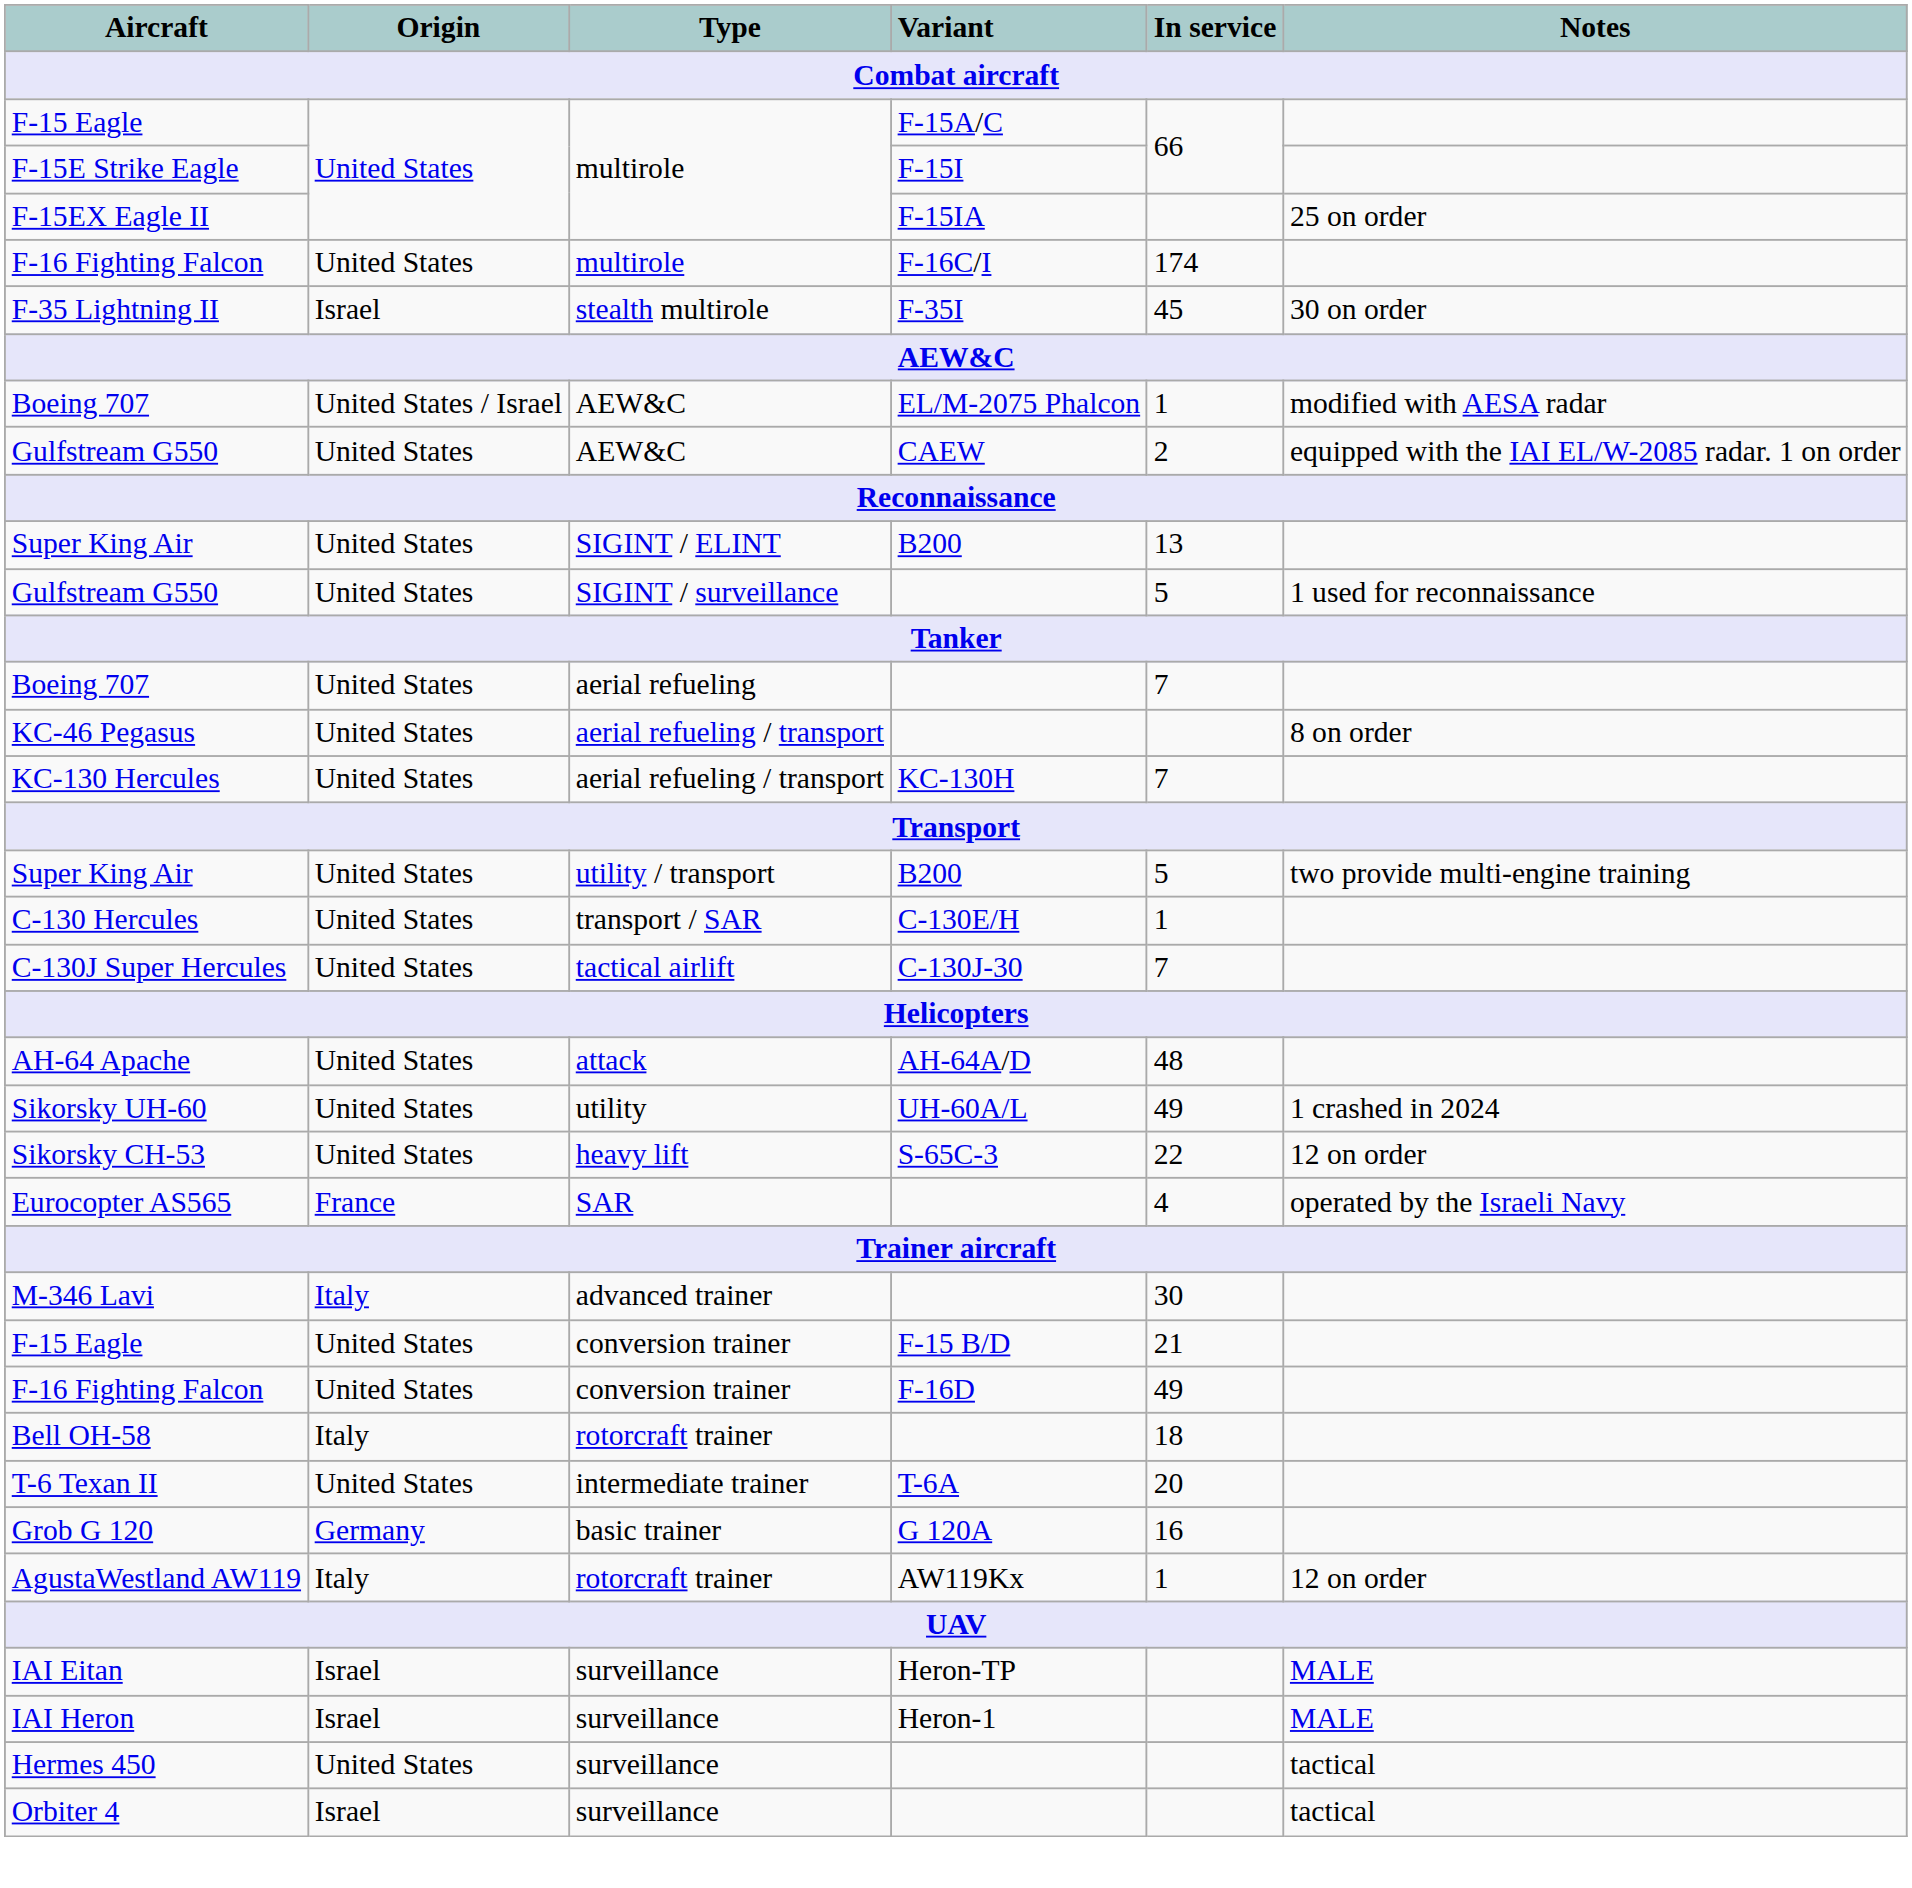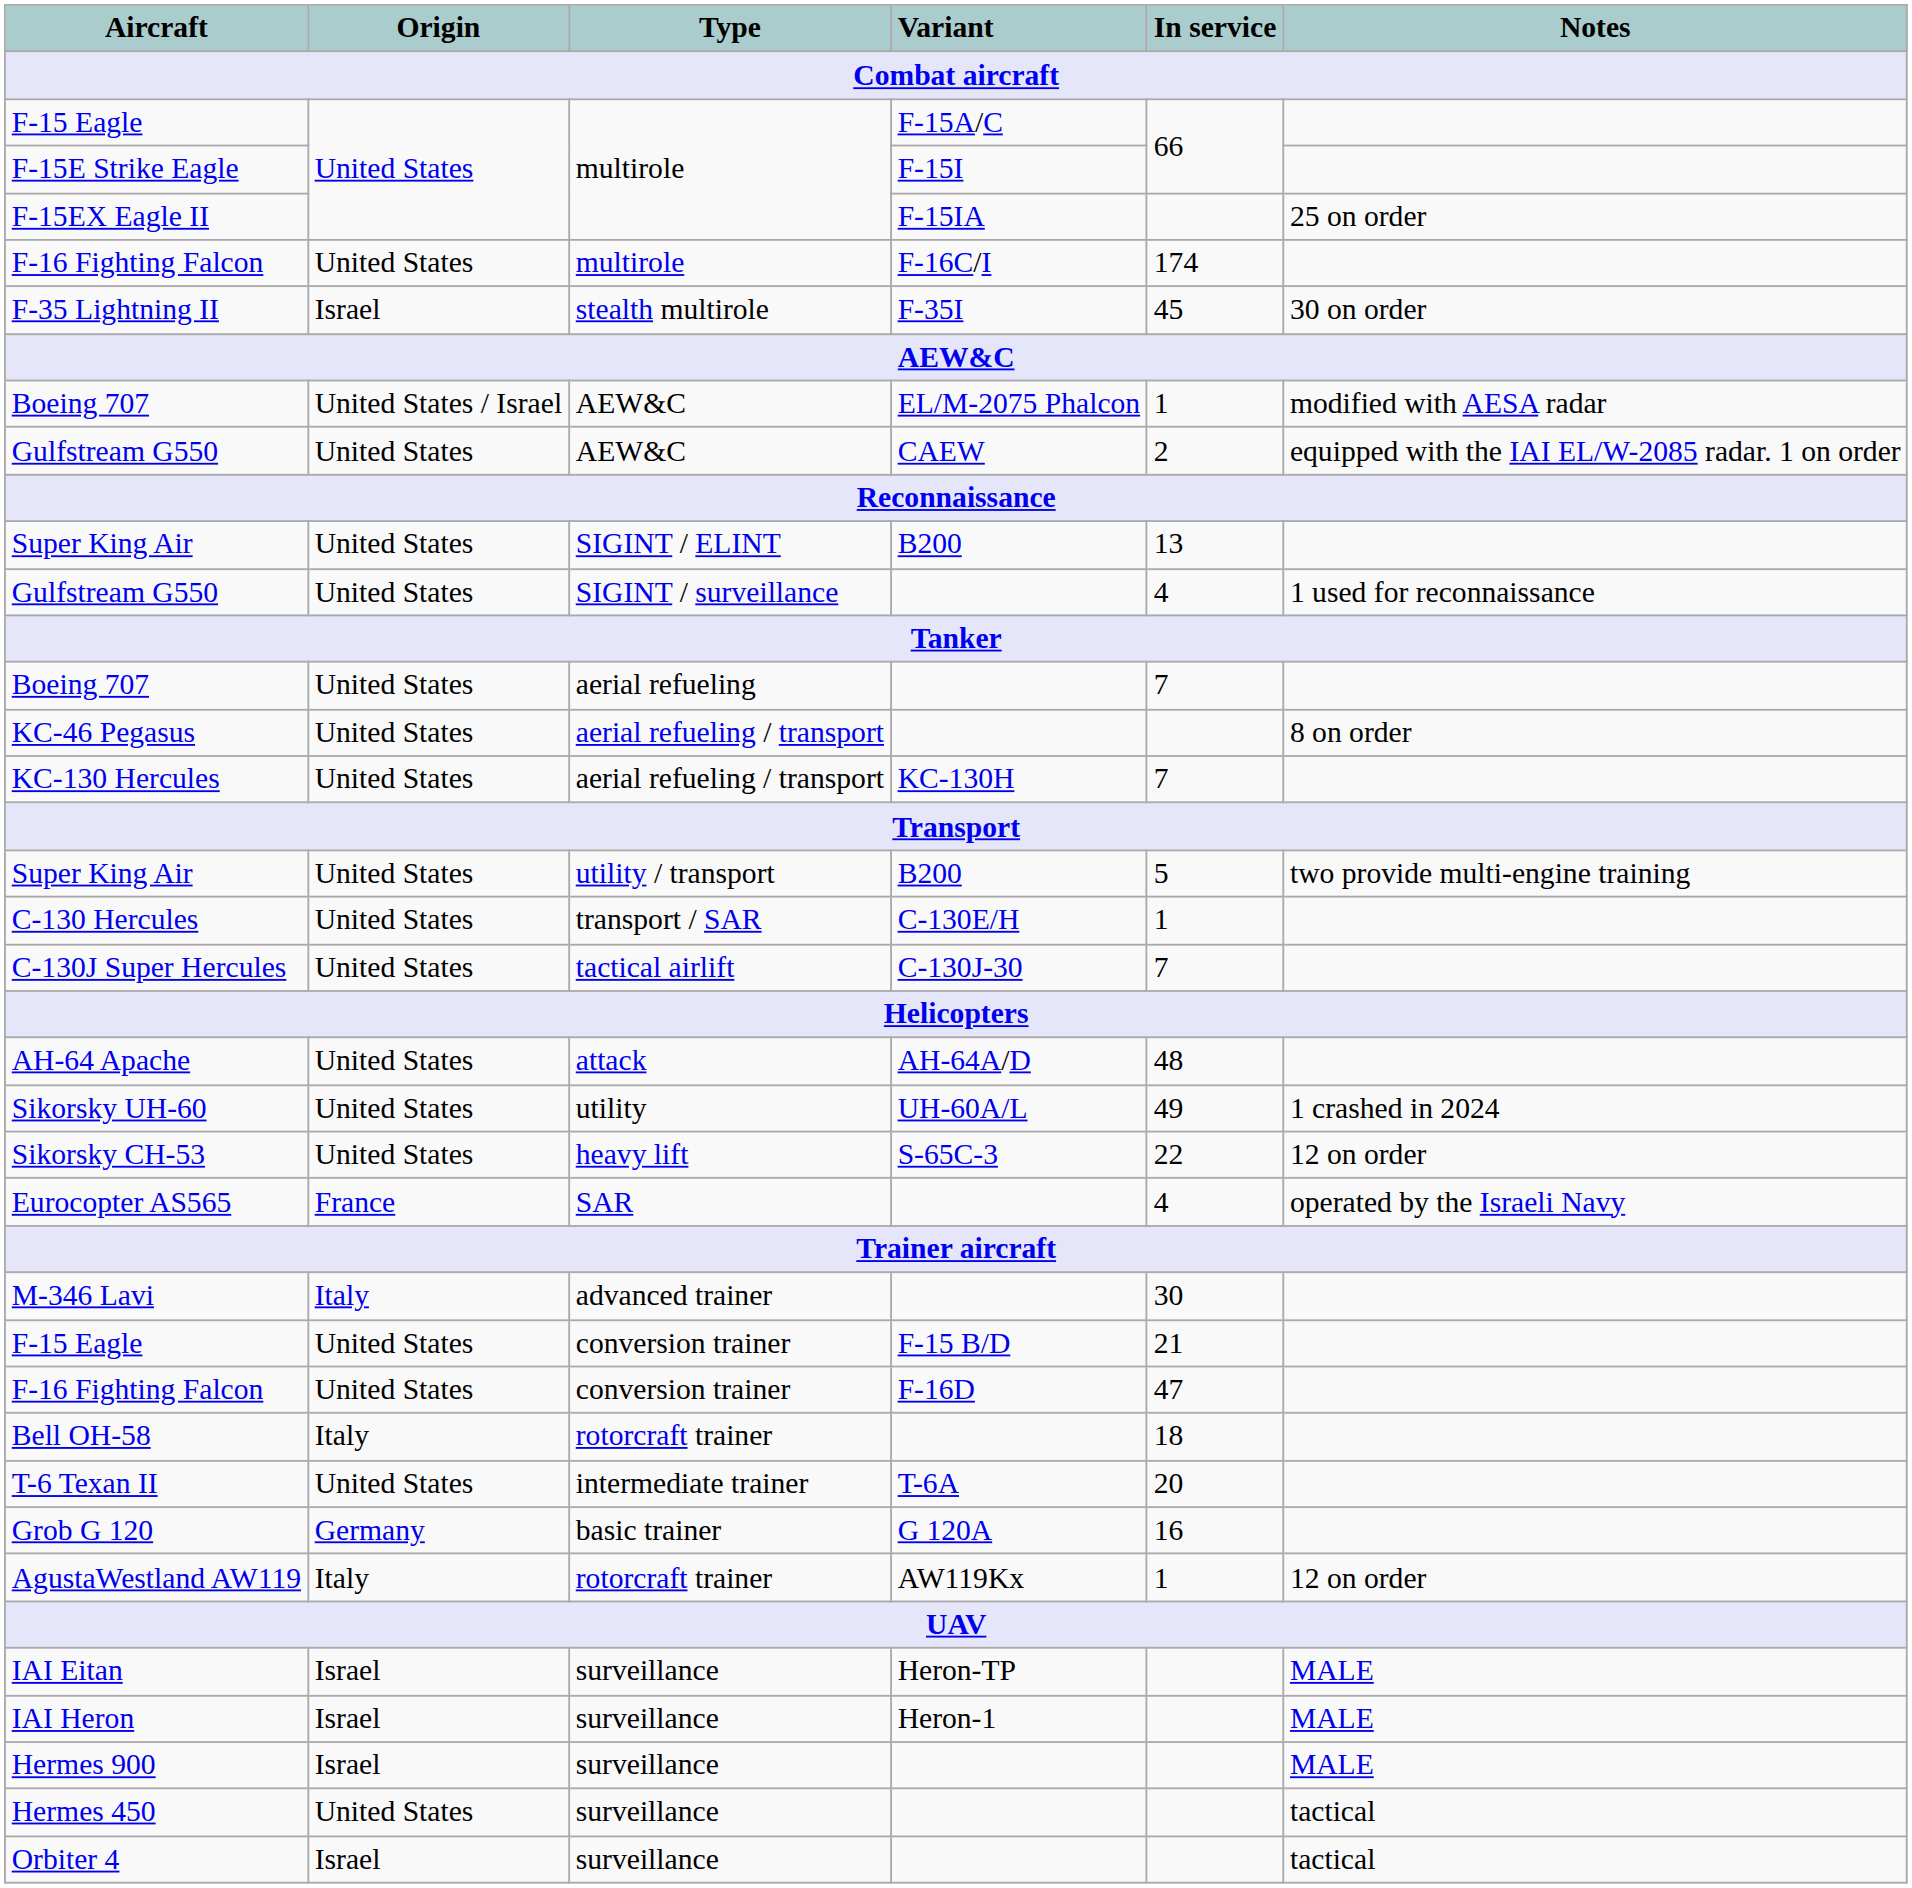 <table class="wikitable">
 <tr>
 <th style="text-align:center; background:#acc;">Aircraft</th>
 <th style="text-align: center; background:#acc;">Origin</th>
 <th style="text-align:l center; background:#acc;">Type</th>
 <th style="text-align:left; background:#acc;">Variant</th>
 <th style="text-align:center; background:#acc;">In service</th>
 <th style="text-align: center; background:#acc;">Notes</th>
 </tr>
 <tr>
 <th colspan="6" style="align: center; background: lavender;"><a href='#'>Combat aircraft</a></th>
 </tr>
 <tr>
 <td><a href='#'>F-15 Eagle</a></td>
 <td rowspan="3"><a href='#'>United States</a></td>
 <td rowspan="3">multirole</td>
 <td><a href='#'>F-15A</a>/<a href='#'>C</a></td>
 <td rowspan="2">66</td>
 <td></td>
 </tr>
 <tr>
 <td><a href='#'>F-15E Strike Eagle</a></td>
 <td><a href='#'>F-15I</a></td>
 <td></td>
 </tr>
 <tr>
 <td><a href='#'>F-15EX Eagle II</a></td>
 <td><a href='#'>F-15IA</a></td>
 <td></td>
 <td>25 on order</td>
 </tr>
 <tr>
 <td><a href='#'>F-16 Fighting Falcon</a></td>
 <td>United States</td>
 <td><a href='#'>multirole</a></td>
 <td><a href='#'>F-16C</a>/<a href='#'>I</a></td>
 <td>174</td>
 <td></td>
 </tr>
 <tr>
 <td><a href='#'>F-35 Lightning II</a></td>
 <td>Israel</td>
 <td><a href='#'>stealth</a> multirole</td>
 <td><a href='#'>F-35I</a></td>
 <td>45</td>
 <td>30 on order</td>
 </tr>
 <tr>
 <th colspan="6" style="align: center; background: lavender;"><a href='#'>AEW&C</a></th>
 </tr>
 <tr>
 <td><a href='#'>Boeing 707</a></td>
 <td>United States / Israel</td>
 <td>AEW&C</td>
 <td><a href='#'>EL/M-2075 Phalcon</a></td>
 <td>1</td>
 <td>modified with <a href='#'>AESA</a> radar</td>
 </tr>
 <tr>
 <td><a href='#'>Gulfstream G550</a></td>
 <td>United States</td>
 <td>AEW&C</td>
 <td><a href='#'>CAEW</a></td>
 <td>2</td>
 <td>equipped with the <a href='#'>IAI EL/W-2085</a> radar. 1 on order</td>
 </tr>
 <tr>
 <th colspan="6" style="align: center; background: lavender;"><a href='#'>Reconnaissance</a></th>
 </tr>
 <tr>
 <td><a href='#'>Super King Air</a></td>
 <td>United States</td>
 <td><a href='#'>SIGINT</a> / <a href='#'>ELINT</a></td>
 <td><a href='#'>B200</a></td>
 <td>13</td>
 <td></td>
 </tr>
 <tr>
 <td><a href='#'>Gulfstream G550</a></td>
 <td>United States</td>
 <td><a href='#'>SIGINT</a> / <a href='#'>surveillance</a></td>
 <td></td>
-<td>5</td>
+<td>4</td>
 <td>1 used for reconnaissance</td>
 </tr>
 <tr>
 <th colspan="6" style="align: center; background: lavender;"><a href='#'>Tanker</a></th>
 </tr>
 <tr>
 <td><a href='#'>Boeing 707</a></td>
 <td>United States</td>
 <td>aerial refueling</td>
 <td></td>
 <td>7</td>
 <td></td>
 </tr>
 <tr>
 <td><a href='#'>KC-46 Pegasus</a></td>
 <td>United States</td>
 <td><a href='#'>aerial refueling</a> / <a href='#'>transport</a></td>
 <td></td>
 <td></td>
 <td>8 on order</td>
 </tr>
 <tr>
 <td><a href='#'>KC-130 Hercules</a></td>
 <td>United States</td>
 <td>aerial refueling / transport</td>
 <td><a href='#'>KC-130H</a></td>
 <td>7</td>
 <td></td>
 </tr>
 <tr>
 <th colspan="6" style="align: center; background: lavender;"><a href='#'>Transport</a></th>
 </tr>
 <tr>
 <td><a href='#'>Super King Air</a></td>
 <td>United States</td>
 <td><a href='#'>utility</a> / transport</td>
 <td><a href='#'>B200</a></td>
 <td>5</td>
 <td>two provide multi-engine training</td>
 </tr>
 <tr>
 <td><a href='#'>C-130 Hercules</a></td>
 <td>United States</td>
 <td>transport / <a href='#'>SAR</a></td>
 <td><a href='#'>C-130E/H</a></td>
 <td>1</td>
 <td></td>
 </tr>
 <tr>
 <td><a href='#'>C-130J Super Hercules</a></td>
 <td>United States</td>
 <td><a href='#'>tactical airlift</a></td>
 <td><a href='#'>C-130J-30</a></td>
 <td>7</td>
 <td></td>
 </tr>
 <tr>
 <th colspan="6" style="align: center; background: lavender;"><a href='#'>Helicopters</a></th>
 </tr>
 <tr>
 <td><a href='#'>AH-64 Apache</a></td>
 <td>United States</td>
 <td><a href='#'>attack</a></td>
 <td><a href='#'>AH-64A</a>/<a href='#'>D</a></td>
 <td>48</td>
 <td></td>
 </tr>
 <tr>
 <td><a href='#'>Sikorsky UH-60</a></td>
 <td>United States</td>
 <td>utility</td>
 <td><a href='#'>UH-60A/L</a></td>
 <td>49</td>
 <td>1 crashed in 2024</td>
 </tr>
 <tr>
 <td><a href='#'>Sikorsky CH-53</a></td>
 <td>United States</td>
 <td><a href='#'>heavy lift</a></td>
 <td><a href='#'>S-65C-3</a></td>
 <td>22</td>
 <td>12 on order</td>
 </tr>
 <tr>
 <td><a href='#'>Eurocopter AS565</a></td>
 <td><a href='#'>France</a></td>
 <td><a href='#'>SAR</a></td>
 <td></td>
 <td>4</td>
 <td>operated by the <a href='#'>Israeli Navy</a></td>
 </tr>
 <tr>
 <th colspan="6" style="align: center; background: lavender;"><a href='#'>Trainer aircraft</a></th>
 </tr>
 <tr>
 <td><a href='#'>M-346 Lavi</a></td>
 <td><a href='#'>Italy</a></td>
 <td>advanced trainer</td>
 <td></td>
 <td>30</td>
 <td></td>
 </tr>
 <tr>
 <td><a href='#'>F-15 Eagle</a></td>
 <td>United States</td>
 <td>conversion trainer</td>
 <td><a href='#'>F-15 B/D</a></td>
 <td>21</td>
 <td></td>
 </tr>
 <tr>
 <td><a href='#'>F-16 Fighting Falcon</a></td>
 <td>United States</td>
 <td>conversion trainer</td>
 <td><a href='#'>F-16D</a></td>
-<td>49</td>
+<td>47</td>
 <td></td>
 </tr>
 <tr>
 <td><a href='#'>Bell OH-58</a></td>
 <td>Italy</td>
 <td><a href='#'>rotorcraft</a> trainer</td>
 <td></td>
 <td>18</td>
 <td></td>
 </tr>
 <tr>
 <td><a href='#'>T-6 Texan II</a></td>
 <td>United States</td>
 <td>intermediate trainer</td>
 <td><a href='#'>T-6A</a></td>
 <td>20</td>
 <td></td>
 </tr>
 <tr>
 <td><a href='#'>Grob G 120</a></td>
 <td><a href='#'>Germany</a></td>
 <td>basic trainer</td>
 <td><a href='#'>G 120A</a></td>
 <td>16</td>
 <td></td>
 </tr>
 <tr>
 <td><a href='#'>AgustaWestland AW119</a></td>
 <td>Italy</td>
 <td><a href='#'>rotorcraft</a> trainer</td>
 <td>AW119Kx</td>
 <td>1</td>
 <td>12 on order</td>
 </tr>
 <tr>
 <th colspan="6" style="align: center; background: lavender;"><a href='#'>UAV</a></th>
 </tr>
 <tr>
 <td><a href='#'>IAI Eitan</a></td>
 <td>Israel</td>
 <td>surveillance</td>
 <td>Heron-TP</td>
 <td></td>
 <td><a href='#'>MALE</a></td>
 </tr>
 <tr>
 <td><a href='#'>IAI Heron</a></td>
 <td>Israel</td>
 <td>surveillance</td>
 <td>Heron-1</td>
 <td></td>
 <td><a href='#'>MALE</a></td>
 </tr>
 <tr>
+<td><a href='#'>Hermes 900</a></td>
+<td>Israel</td>
+<td>surveillance</td>
+<td></td>
+<td></td>
+<td><a href='#'>MALE</a></td>
+</tr>
+<tr>
 <td><a href='#'>Hermes 450</a></td>
 <td>United States</td>
 <td>surveillance</td>
 <td></td>
 <td></td>
 <td>tactical</td>
 </tr>
 <tr>
 <td><a href='#'>Orbiter 4</a></td>
 <td>Israel</td>
 <td>surveillance</td>
 <td></td>
 <td></td>
 <td>tactical</td>
 </tr>
 </table>
